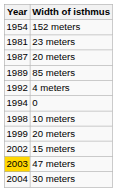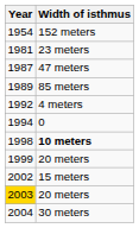 <table class="wikitable">
 <tr>
 <th>Year</th>
 <th>Width of isthmus</th>
 </tr>
 <tr>
 <td>1954</td>
 <td>152 meters</td>
 </tr>
 <tr>
 <td>1981</td>
 <td>23 meters</td>
 </tr>
 <tr>
 <td>1987</td>
-<td>20 meters</td>
+<td>47 meters</td>
 </tr>
 <tr>
 <td>1989</td>
 <td>85 meters</td>
 </tr>
 <tr>
 <td>1992</td>
 <td>4 meters</td>
 </tr>
 <tr>
 <td>1994</td>
 <td>0</td>
 </tr>
 <tr>
 <td>1998</td>
-<td>10 meters</td>
+<td><strong>10 meters</strong></td>
 </tr>
 <tr>
 <td>1999</td>
 <td>20 meters</td>
 </tr>
 <tr>
 <td>2002</td>
 <td>15 meters</td>
 </tr>
 <tr>
 <td style="background: gold;">2003</td>
-<td>47 meters</td>
+<td>20 meters</td>
 </tr>
 <tr>
 <td>2004</td>
 <td>30 meters</td>
 </tr>
 </table>
